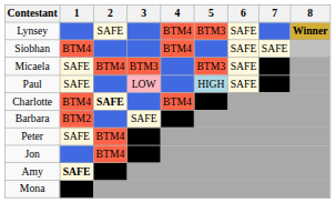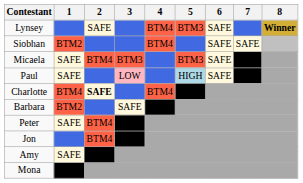 <table class="wikitable sortable" border="2" style="text-align:center;font-size:96%">
 <tr>
 <th>Contestant</th>
 <th>1</th>
 <th>2</th>
 <th>3</th>
 <th>4</th>
 <th>5</th>
 <th>6</th>
 <th>7</th>
 <th>8</th>
 </tr>
 <tr>
 <td>Lynsey</td>
 <td style="background:royalblue;”"><strong></strong></td>
 <td style="background:cornsilk;">SAFE</td>
 <td style="background:royalblue;”"><strong></strong></td>
 <td style="background:tomato;">BTM4</td>
 <td style="background:tomato;">BTM3</td>
 <td style="background:cornsilk;">SAFE</td>
 <td style="background:royalblue;”"><strong></strong></td>
 <td style="background:#D4AF37;" nowrap><strong>Winner</strong></td>
 </tr>
 <tr>
 <td>Siobhan</td>
-<td style="background:tomato;">BTM4</td>
+<td style="background:tomato;">BTM2</td>
 <td style="background:royalblue;”"><strong></strong></td>
 <td style="background:royalblue;”"><strong></strong></td>
 <td style="background:tomato;">BTM4</td>
 <td style="background:royalblue;”"><strong></strong></td>
 <td style="background:cornsilk;">SAFE</td>
 <td style="background:cornsilk;">SAFE</td>
 <td style="background:silver"><strong></strong></td>
 </tr>
 <tr>
 <td>Micaela</td>
 <td style="background:cornsilk;">SAFE</td>
 <td style="background:tomato;">BTM4</td>
 <td style="background:tomato;">BTM3</td>
 <td style="background:royalblue;”"><strong></strong></td>
 <td style="background:tomato;">BTM3</td>
 <td style="background:cornsilk;">SAFE</td>
 <td style="background:black;"><strong></strong></td>
 <td colspan="10" style="background:darkgrey;"></td>
 </tr>
 <tr>
 <td>Paul</td>
 <td style="background:cornsilk;">SAFE</td>
 <td style="background:royalblue;”"><strong></strong></td>
 <td style="background:lightpink;">LOW</td>
 <td style="background:royalblue;”"><strong></strong></td>
 <td style="background:lightblue;">HIGH</td>
 <td style="background:cornsilk;">SAFE</td>
 <td style="background:black;"><strong></strong></td>
 <td colspan="10" style="background:darkgrey;"></td>
 </tr>
 <tr>
 <td>Charlotte</td>
 <td style="background:tomato;">BTM4</td>
 <td style="background:cornsilk;"><strong>SAFE</strong></td>
 <td style="background:royalblue;”"><strong></strong></td>
 <td style="background:tomato;">BTM4</td>
 <td style="background:black;"><strong></strong></td>
 <td colspan="10" style="background:darkgrey;"></td>
 </tr>
 <tr>
 <td>Barbara</td>
 <td style="background:tomato;">BTM2</td>
 <td style="background:royalblue;”"><strong></strong></td>
 <td style="background:cornsilk;">SAFE</td>
 <td style="background:black;"><strong></strong></td>
 <td colspan="10" style="background:darkgrey;"></td>
 </tr>
 <tr>
 <td>Peter</td>
 <td style="background:cornsilk;">SAFE</td>
 <td style="background:tomato;">BTM4</td>
 <td style="background:black;"><strong></strong></td>
 <td colspan="10" style="background:darkgrey;"></td>
 </tr>
 <tr>
 <td>Jon</td>
 <td style="background:royalblue;”"><strong></strong></td>
 <td style="background:tomato;">BTM4</td>
 <td style="background:black;"><strong></strong></td>
 <td colspan="10" style="background:darkgrey;"></td>
 </tr>
 <tr>
 <td>Amy</td>
-<td style="background:cornsilk;"><strong>SAFE</strong></td>
+<td style="background:cornsilk;">SAFE</td>
 <td style="background:black;"><strong></strong></td>
 <td colspan="10" style="background:darkgrey;"></td>
 </tr>
 <tr>
 <td>Mona</td>
 <td style="background:black;"><strong></strong></td>
 <td colspan="10" style="background:darkgrey;"></td>
 </tr>
 </table>
